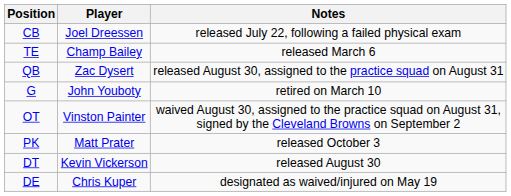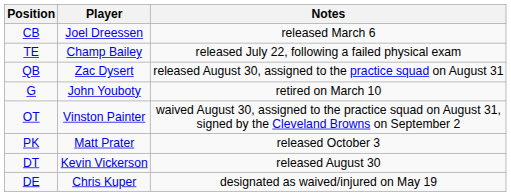 <table class="wikitable" style="text-align:center">
 <tr>
 <th>Position</th>
 <th>Player</th>
 <th>Notes</th>
 </tr>
 <tr>
 <td><a href='#'>CB</a></td>
 <td><a href='#'>Joel Dreessen</a></td>
-<td>released July 22, following a failed physical exam</td>
+<td>released March 6</td>
 </tr>
 <tr>
 <td><a href='#'>TE</a></td>
 <td><a href='#'>Champ Bailey</a></td>
-<td>released March 6</td>
+<td>released July 22, following a failed physical exam</td>
 </tr>
 <tr>
 <td><a href='#'>QB</a></td>
 <td><a href='#'>Zac Dysert</a></td>
 <td>released August 30, assigned to the <a href='#'>practice squad</a> on August 31</td>
 </tr>
 <tr>
 <td><a href='#'>G</a></td>
 <td><a href='#'>John Youboty</a></td>
 <td>retired on March 10</td>
 </tr>
 <tr>
 <td><a href='#'>OT</a></td>
 <td><a href='#'>Vinston Painter</a></td>
 <td>waived August 30, assigned to the practice squad on August 31,<br>signed by the <a href='#'>Cleveland Browns</a> on September 2</td>
 </tr>
 <tr>
 <td><a href='#'>PK</a></td>
 <td><a href='#'>Matt Prater</a></td>
 <td>released October 3</td>
 </tr>
 <tr>
 <td><a href='#'>DT</a></td>
 <td><a href='#'>Kevin Vickerson</a></td>
 <td>released August 30</td>
 </tr>
 <tr>
 <td><a href='#'>DE</a></td>
 <td><a href='#'>Chris Kuper</a></td>
 <td>designated as waived/injured on May 19</td>
 </tr>
 </table>
